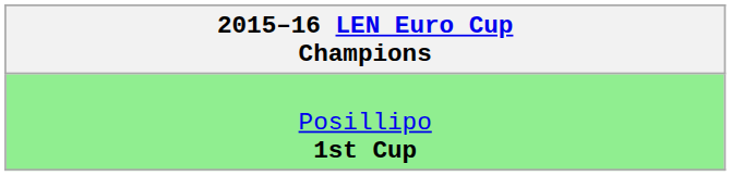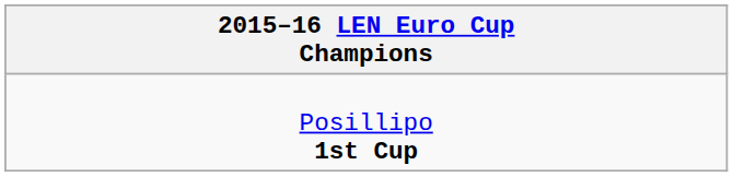 <table class="wikitable" style="margin: 0 auto; width: 30%;">
 <tr>
 <th>2015–16 <a href='#'>LEN Euro Cup</a><br>Champions</th>
 </tr>
 <tr>
-<td align=center style="background: lightgreen;"><br><a href='#'>Posillipo</a><br><strong>1st Cup</strong></td>
+<td align=center><br><a href='#'>Posillipo</a><br><strong>1st Cup</strong></td>
 </tr>
 </table>
